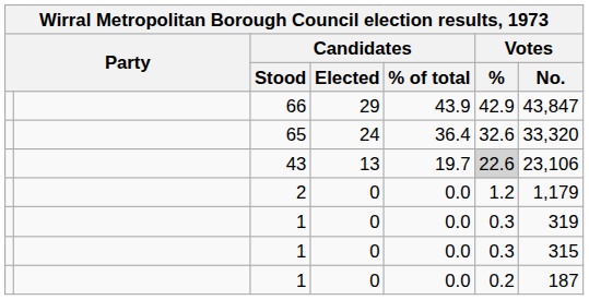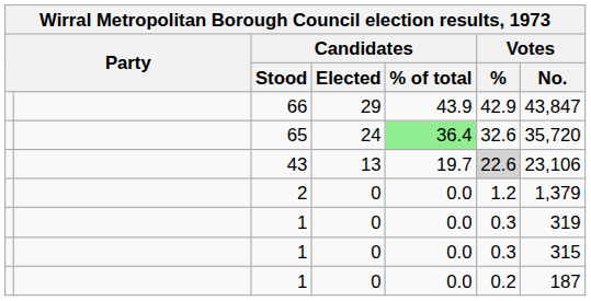 <table class="wikitable" style="font-size:95%">
 <tr>
 <th colspan="16" style="background-color:#f2f2f2">Wirral Metropolitan Borough Council election results, 1973</th>
 </tr>
 <tr style="vertical-align:center;">
 <th colspan="2" rowspan="2">Party</th>
 <th colspan="3" style="width: 30px">Candidates</th>
 <th colspan="2" style="width: 30px">Votes</th>
 </tr>
 <tr>
 <th>Stood</th>
 <th>Elected</th>
 <th>% of total</th>
 <th>%</th>
 <th>No.</th>
 </tr>
 <tr>
 <td style="background-color: "></td>
 <td style="width: 190px"><a href='#'></a></td>
 <td style="text-align:right; ">66</td>
 <td style="text-align:right; ">29</td>
 <td style="text-align:right; ">43.9</td>
 <td style="text-align:right; ">42.9</td>
 <td style="text-align:right; ">43,847</td>
 </tr>
 <tr>
 <td style="background-color: "></td>
 <td style="width: 190px"><a href='#'></a></td>
 <td style="text-align:right; ">65</td>
 <td style="text-align:right; ">24</td>
-<td style="text-align:right; ">36.4</td>
+<td style="background: lightgreen; text-align:right; ">36.4</td>
 <td style="text-align:right; ">32.6</td>
-<td style="text-align:right; ">33,320</td>
+<td style="text-align:right; ">35,720</td>
 </tr>
 <tr>
 <td style="background-color: "></td>
 <td style="width: 190px"><a href='#'></a></td>
 <td style="text-align:right; ">43</td>
 <td style="text-align:right; ">13</td>
 <td style="text-align:right; ">19.7</td>
 <td style="background: lightgrey; text-align:right; ">22.6</td>
 <td style="text-align:right; ">23,106</td>
 </tr>
 <tr>
 <td style="background-color: "></td>
 <td style="width: 190px"><a href='#'></a></td>
 <td style="text-align:right; ">2</td>
 <td style="text-align:right; ">0</td>
 <td style="text-align:right; ">0.0</td>
 <td style="text-align:right; ">1.2</td>
-<td style="text-align:right; ">1,179</td>
+<td style="text-align:right; ">1,379</td>
 </tr>
 <tr>
 <td style="background-color: "></td>
 <td style="width: 190px"><a href='#'></a></td>
 <td style="text-align:right; ">1</td>
 <td style="text-align:right; ">0</td>
 <td style="text-align:right; ">0.0</td>
 <td style="text-align:right; ">0.3</td>
 <td style="text-align:right; ">319</td>
 </tr>
 <tr>
 <td style="background-color: "></td>
 <td style="width: 190px"><a href='#'></a></td>
 <td style="text-align:right; ">1</td>
 <td style="text-align:right; ">0</td>
 <td style="text-align:right; ">0.0</td>
 <td style="text-align:right; ">0.3</td>
 <td style="text-align:right; ">315</td>
 </tr>
 <tr>
 <td style="background-color: "></td>
 <td style="width: 190px"><a href='#'></a></td>
 <td style="text-align:right; ">1</td>
 <td style="text-align:right; ">0</td>
 <td style="text-align:right; ">0.0</td>
 <td style="text-align:right; ">0.2</td>
 <td style="text-align:right; ">187</td>
 </tr>
 </table>
